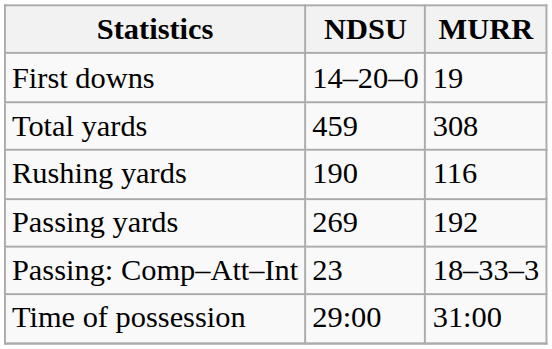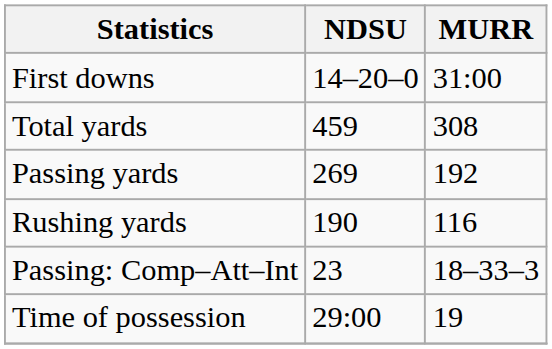 <table class="wikitable" style="float: left;">
 <tr>
 <th>Statistics</th>
 <th>NDSU</th>
 <th>MURR</th>
 </tr>
 <tr>
 <td>First downs</td>
 <td>14–20–0</td>
-<td>19</td>
+<td>31:00</td>
 </tr>
 <tr>
 <td>Total yards</td>
 <td>459</td>
 <td>308</td>
 </tr>
 <tr>
+<td>Passing yards</td>
+<td>269</td>
+<td>192</td>
+</tr>
+<tr>
 <td>Rushing yards</td>
 <td>190</td>
 <td>116</td>
-</tr>
-<tr>
-<td>Passing yards</td>
-<td>269</td>
-<td>192</td>
 </tr>
 <tr>
 <td>Passing: Comp–Att–Int</td>
 <td>23</td>
 <td>18–33–3</td>
 </tr>
 <tr>
 <td>Time of possession</td>
 <td>29:00</td>
-<td>31:00</td>
+<td>19</td>
 </tr>
 <tr>
 </tr>
 </table>
